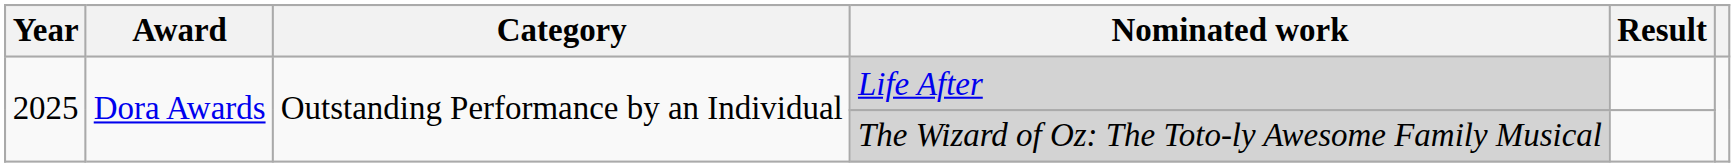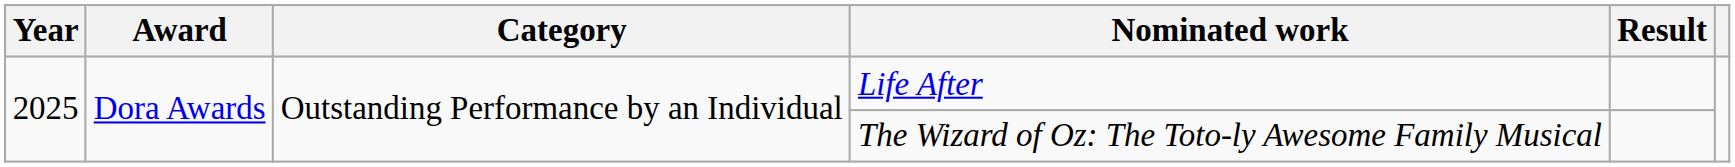 <table class="wikitable"">
 <tr>
 <th>Year</th>
 <th>Award</th>
 <th>Category</th>
 <th>Nominated work</th>
 <th>Result</th>
 <th></th>
 </tr>
 <tr>
 <td rowspan="2">2025</td>
 <td rowspan="2"><a href='#'>Dora Awards</a></td>
 <td rowspan="2">Outstanding Performance by an Individual</td>
-<td style="background: lightgrey;"><em><a href='#'> Life After</a></em></td>
+<td><em><a href='#'> Life After</a></em></td>
 <td></td>
 <td rowspan="2"></td>
 </tr>
 <tr>
-<td style="background: lightgrey;"><em>The Wizard of Oz: The Toto-ly Awesome Family Musical</em></td>
+<td><em>The Wizard of Oz: The Toto-ly Awesome Family Musical</em></td>
 <td></td>
 </tr>
 </table>
